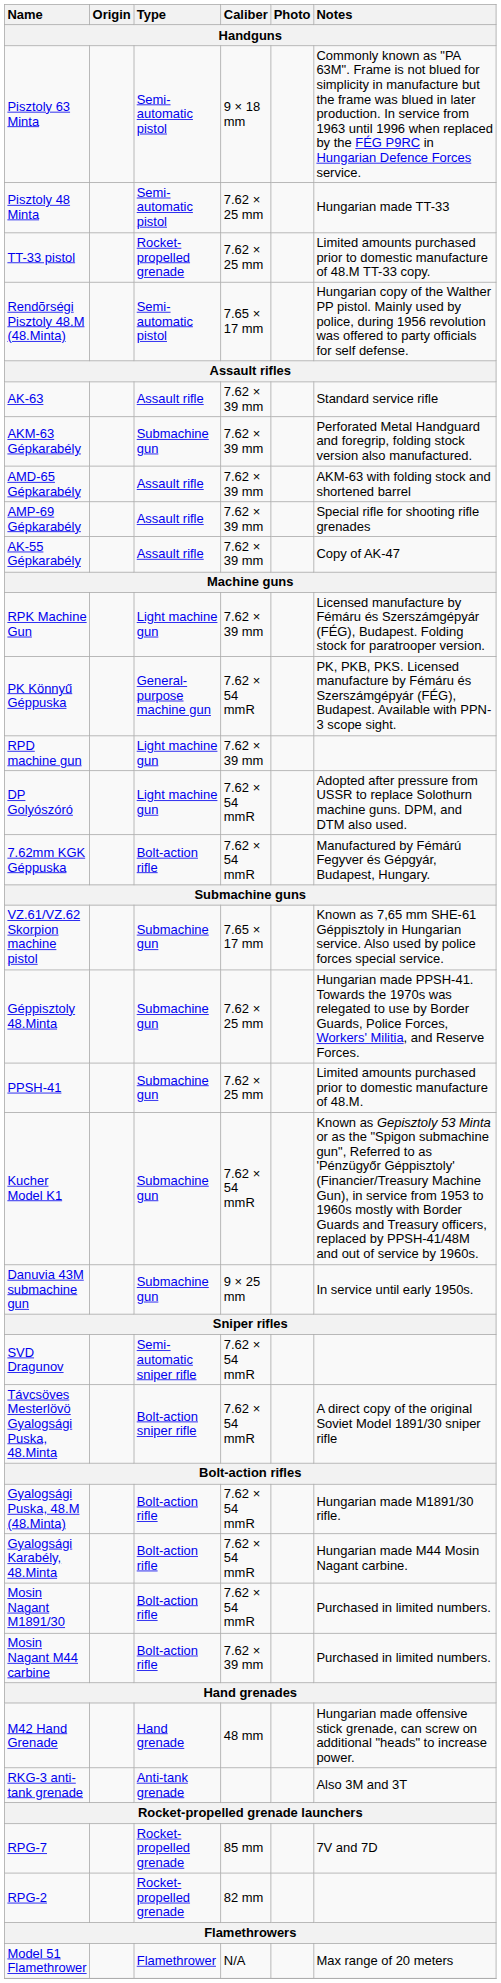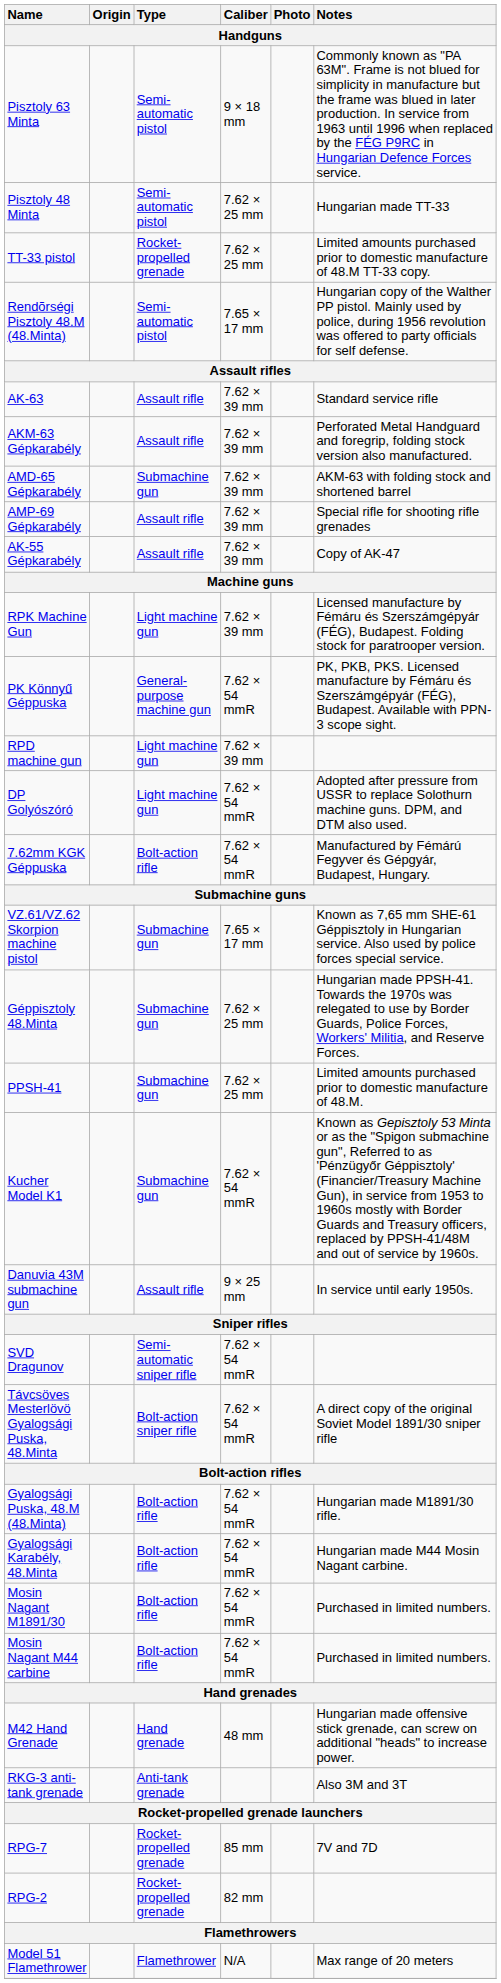 <table class="wikitable">
 <tr>
 <th style="text-align: left; width:12%;">Name</th>
 <th style="text-align: left; width:8%;">Origin</th>
 <th style="text-align: left; width:18%;">Type</th>
 <th style="text-align: left; width:7%;">Caliber</th>
 <th style="text-align: left;width:8%;">Photo</th>
 <th style="text-align: left;width:47%;">Notes</th>
 </tr>
 <tr>
 <th style="align: center;" colspan="8">Handguns</th>
 </tr>
 <tr>
 <td><a href='#'>Pisztoly 63 Minta</a></td>
 <td></td>
 <td><a href='#'>Semi-automatic pistol</a></td>
 <td>9 × 18 mm</td>
 <td></td>
 <td>Commonly known as "PA 63M". Frame is not blued for simplicity in manufacture but the frame was blued in later production. In service from 1963 until 1996 when replaced by the <a href='#'>FÉG P9RC</a> in <a href='#'>Hungarian Defence Forces</a> service.</td>
 </tr>
 <tr>
 <td><a href='#'>Pisztoly 48 Minta</a></td>
 <td></td>
 <td><a href='#'>Semi-automatic pistol</a></td>
 <td>7.62 × 25 mm</td>
 <td></td>
 <td>Hungarian made TT-33</td>
 </tr>
 <tr>
 <td><a href='#'>TT-33 pistol</a></td>
 <td></td>
 <td><a href='#'>Rocket-propelled grenade</a></td>
 <td>7.62 × 25 mm</td>
 <td></td>
 <td>Limited amounts purchased prior to domestic manufacture of 48.M TT-33 copy.</td>
 </tr>
 <tr>
 <td><a href='#'>Rendõrségi Pisztoly 48.M (48.Minta)</a></td>
 <td></td>
 <td><a href='#'>Semi-automatic pistol</a></td>
 <td>7.65 × 17 mm</td>
 <td></td>
 <td>Hungarian copy of the Walther PP pistol. Mainly used by police, during 1956 revolution was offered to party officials for self defense.</td>
 </tr>
 <tr>
 <th style="align: center;" colspan="8">Assault rifles</th>
 </tr>
 <tr>
 <td><a href='#'>AK-63</a></td>
 <td></td>
 <td><a href='#'>Assault rifle</a></td>
 <td>7.62 × 39 mm</td>
 <td></td>
 <td>Standard service rifle</td>
 </tr>
 <tr>
 <td><a href='#'>AKM-63 Gépkarabély</a></td>
 <td></td>
-<td><a href='#'>Submachine gun</a></td>
+<td><a href='#'>Assault rifle</a></td>
 <td>7.62 × 39 mm</td>
 <td></td>
 <td>Perforated Metal Handguard and foregrip, folding stock version also manufactured.</td>
 </tr>
 <tr>
 <td><a href='#'>AMD-65 Gépkarabély</a></td>
 <td></td>
-<td><a href='#'>Assault rifle</a></td>
+<td><a href='#'>Submachine gun</a></td>
 <td>7.62 × 39 mm</td>
 <td></td>
 <td>AKM-63 with folding stock and shortened barrel</td>
 </tr>
 <tr>
 <td><a href='#'>AMP-69 Gépkarabély</a></td>
 <td></td>
 <td><a href='#'>Assault rifle</a></td>
 <td>7.62 × 39 mm</td>
 <td></td>
 <td>Special rifle for shooting rifle grenades</td>
 </tr>
 <tr>
 <td><a href='#'>AK-55 Gépkarabély</a></td>
 <td></td>
 <td><a href='#'>Assault rifle</a></td>
 <td>7.62 × 39 mm</td>
 <td></td>
 <td>Copy of AK-47</td>
 </tr>
 <tr>
 <th style="align: center;" colspan="8">Machine guns</th>
 </tr>
 <tr>
 <td><a href='#'>RPK Machine Gun</a></td>
 <td></td>
 <td><a href='#'>Light machine gun</a></td>
 <td>7.62 × 39 mm</td>
 <td></td>
 <td>Licensed manufacture by Fémáru és Szerszámgépyár (FÉG), Budapest. Folding stock for paratrooper version.</td>
 </tr>
 <tr>
 <td><a href='#'>PK Könnyű Géppuska</a></td>
 <td></td>
 <td><a href='#'>General-purpose machine gun</a></td>
 <td>7.62 × 54 mmR</td>
 <td></td>
 <td>PK, PKB, PKS. Licensed manufacture by Fémáru és Szerszámgépyár (FÉG), Budapest. Available with PPN-3 scope sight.</td>
 </tr>
 <tr>
 <td><a href='#'>RPD machine gun</a></td>
 <td></td>
 <td><a href='#'>Light machine gun</a></td>
 <td>7.62 × 39 mm</td>
 <td></td>
 <td></td>
 </tr>
 <tr>
 <td><a href='#'>DP Golyószóró</a></td>
 <td></td>
 <td><a href='#'>Light machine gun</a></td>
 <td>7.62 × 54 mmR</td>
 <td></td>
 <td>Adopted after pressure from USSR to replace Solothurn machine guns. DPM, and DTM also used.</td>
 </tr>
 <tr>
 <td><a href='#'>7.62mm KGK Géppuska</a></td>
 <td></td>
 <td><a href='#'>Bolt-action rifle</a></td>
 <td>7.62 × 54 mmR</td>
 <td></td>
 <td>Manufactured by Fémárú Fegyver és Gépgyár, Budapest, Hungary.</td>
 </tr>
 <tr>
 <th style="align: center;" colspan="8">Submachine guns</th>
 </tr>
 <tr>
 <td><a href='#'>VZ.61/VZ.62 Skorpion machine pistol</a></td>
 <td></td>
 <td><a href='#'>Submachine gun</a></td>
 <td>7.65 × 17 mm</td>
 <td></td>
 <td>Known as 7,65 mm SHE-61 Géppisztoly in Hungarian service. Also used by police forces special service.</td>
 </tr>
 <tr>
 <td><a href='#'>Géppisztoly 48.Minta</a></td>
 <td></td>
 <td><a href='#'>Submachine gun</a></td>
 <td>7.62 × 25 mm</td>
 <td></td>
 <td>Hungarian made PPSH-41. Towards the 1970s was relegated to use by Border Guards, Police Forces, <a href='#'>Workers' Militia</a>, and Reserve Forces.</td>
 </tr>
 <tr>
 <td><a href='#'>PPSH-41</a></td>
 <td></td>
 <td><a href='#'>Submachine gun</a></td>
 <td>7.62 × 25 mm</td>
 <td></td>
 <td>Limited amounts purchased prior to domestic manufacture of 48.M.</td>
 </tr>
 <tr>
 <td><a href='#'>Kucher Model K1</a></td>
 <td></td>
 <td><a href='#'>Submachine gun</a></td>
 <td>7.62 × 54 mmR</td>
 <td></td>
 <td>Known as <em>Gepisztoly 53 Minta</em> or as the "Spigon submachine gun", Referred to as 'Pénzügyőr Géppisztoly' (Financier/Treasury Machine Gun), in service from 1953 to 1960s mostly with Border Guards and Treasury officers, replaced by PPSH-41/48M and out of service by 1960s.</td>
 </tr>
 <tr>
 <td><a href='#'>Danuvia 43M submachine gun</a></td>
 <td></td>
-<td><a href='#'>Submachine gun</a></td>
+<td><a href='#'>Assault rifle</a></td>
 <td>9 × 25 mm</td>
 <td></td>
 <td>In service until early 1950s.</td>
 </tr>
 <tr>
 <th style="align: center;" colspan="8">Sniper rifles</th>
 </tr>
 <tr>
 <td><a href='#'>SVD Dragunov</a></td>
 <td></td>
 <td><a href='#'>Semi-automatic</a> <a href='#'>sniper rifle</a></td>
 <td>7.62 × 54 mmR</td>
 <td></td>
 <td></td>
 </tr>
 <tr>
 <td><a href='#'>Távcsöves Mesterlövö Gyalogsági Puska, 48.Minta</a></td>
 <td></td>
 <td><a href='#'>Bolt-action</a> <a href='#'>sniper rifle</a></td>
 <td>7.62 × 54 mmR</td>
 <td></td>
 <td>A direct copy of the original Soviet Model 1891/30 sniper rifle</td>
 </tr>
 <tr>
 <th style="align: center;" colspan="8">Bolt-action rifles</th>
 </tr>
 <tr>
 <td><a href='#'>Gyalogsági Puska, 48.M (48.Minta)</a></td>
 <td></td>
 <td><a href='#'>Bolt-action rifle</a></td>
 <td>7.62 × 54 mmR</td>
 <td></td>
 <td>Hungarian made M1891/30  rifle.</td>
 </tr>
 <tr>
 <td><a href='#'>Gyalogsági Karabély, 48.Minta</a></td>
 <td></td>
 <td><a href='#'>Bolt-action rifle</a></td>
 <td>7.62 × 54 mmR</td>
 <td></td>
 <td>Hungarian made M44 Mosin Nagant carbine.</td>
 </tr>
 <tr>
 <td><a href='#'>Mosin Nagant M1891/30</a></td>
 <td></td>
 <td><a href='#'>Bolt-action rifle</a></td>
 <td>7.62 × 54 mmR</td>
 <td></td>
 <td>Purchased in limited numbers.</td>
 </tr>
 <tr>
 <td><a href='#'>Mosin Nagant M44 carbine</a></td>
 <td></td>
 <td><a href='#'>Bolt-action rifle</a></td>
-<td>7.62 × 39 mm</td>
+<td>7.62 × 54 mmR</td>
 <td></td>
 <td>Purchased in limited numbers.</td>
 </tr>
 <tr>
 <th style="align: center;" colspan="8">Hand grenades</th>
 </tr>
 <tr>
 <td><a href='#'>M42 Hand Grenade</a></td>
 <td></td>
 <td><a href='#'>Hand grenade</a></td>
 <td>48 mm</td>
 <td></td>
 <td>Hungarian made offensive stick grenade, can screw on additional "heads" to increase power.</td>
 </tr>
 <tr>
 <td><a href='#'>RKG-3 anti-tank grenade</a></td>
 <td></td>
 <td><a href='#'>Anti-tank grenade</a></td>
 <td></td>
 <td></td>
 <td>Also 3M and 3T</td>
 </tr>
 <tr>
 <th style="align: center;" colspan="8">Rocket-propelled grenade launchers</th>
 </tr>
 <tr>
 <td><a href='#'>RPG-7</a></td>
 <td></td>
 <td><a href='#'>Rocket-propelled grenade</a></td>
 <td>85 mm</td>
 <td></td>
 <td>7V and 7D</td>
 </tr>
 <tr>
 <td><a href='#'>RPG-2</a></td>
 <td></td>
 <td><a href='#'>Rocket-propelled grenade</a></td>
 <td>82 mm</td>
 <td></td>
 <td></td>
 </tr>
 <tr>
 <th style="align: center;" colspan="8">Flamethrowers</th>
 </tr>
 <tr>
 <td><a href='#'>Model 51 Flamethrower</a></td>
 <td></td>
 <td><a href='#'>Flamethrower</a></td>
 <td>N/A</td>
 <td></td>
 <td>Max range of 20 meters </td>
 </tr>
 <tr>
 </tr>
 </table>
